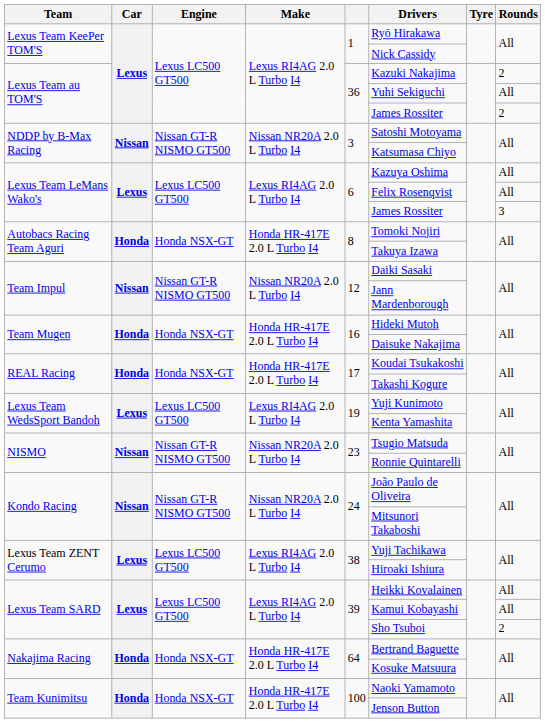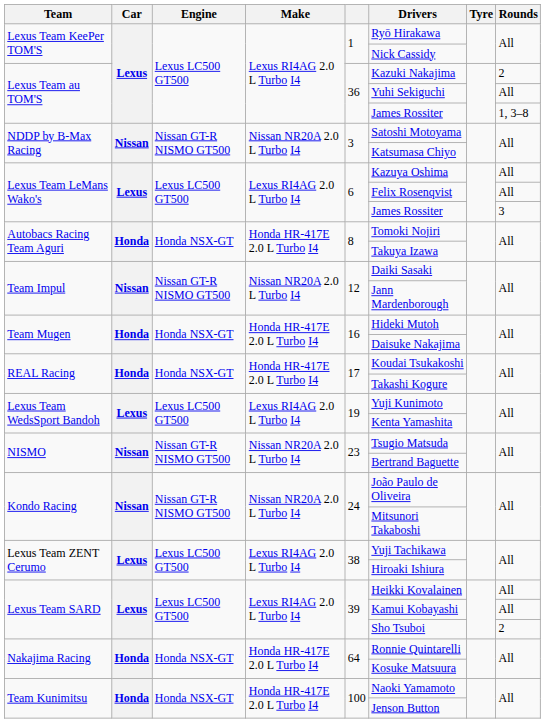 <table class="wikitable" style="font-size: 85%">
 <tr>
 <th>Team</th>
 <th>Car</th>
 <th>Engine</th>
 <th>Make</th>
 <th></th>
 <th>Drivers</th>
 <th>Tyre</th>
 <th>Rounds</th>
 </tr>
 <tr>
 <td rowspan=2> <a href='#'>Lexus Team KeePer TOM'S</a></td>
 <th rowspan=5><a href='#'>Lexus</a></th>
 <td rowspan=5><a href='#'>Lexus LC500 GT500</a></td>
 <td rowspan=5><a href='#'>Lexus RI4AG</a> 2.0 L <a href='#'>Turbo</a> <a href='#'>I4</a></td>
 <td rowspan=2>1</td>
 <td> <a href='#'>Ryō Hirakawa</a></td>
 <td rowspan=2 align=center></td>
 <td rowspan=2>All</td>
 </tr>
 <tr>
 <td> <a href='#'>Nick Cassidy</a></td>
 </tr>
 <tr>
 <td rowspan="3"> <a href='#'>Lexus Team au TOM'S</a></td>
 <td rowspan="3">36</td>
 <td> <a href='#'>Kazuki Nakajima</a></td>
 <td rowspan="3" align="center"></td>
 <td>2</td>
 </tr>
 <tr>
 <td> <a href='#'>Yuhi Sekiguchi</a></td>
 <td>All</td>
 </tr>
 <tr>
 <td> <a href='#'>James Rossiter</a></td>
-<td>2</td>
+<td>1, 3–8</td>
 </tr>
 <tr>
 <td rowspan=2> <a href='#'>NDDP by B-Max Racing</a></td>
 <th rowspan=2><a href='#'>Nissan</a></th>
 <td rowspan=2><a href='#'>Nissan GT-R NISMO GT500</a></td>
 <td rowspan=2><a href='#'>Nissan NR20A</a> 2.0 L <a href='#'>Turbo</a> <a href='#'>I4</a></td>
 <td rowspan=2>3</td>
 <td> <a href='#'>Satoshi Motoyama</a></td>
 <td rowspan=2 align=center></td>
 <td rowspan=2>All</td>
 </tr>
 <tr>
 <td> <a href='#'>Katsumasa Chiyo</a></td>
 </tr>
 <tr>
 <td rowspan="3"> <a href='#'>Lexus Team LeMans Wako's</a></td>
 <th rowspan="3"><a href='#'>Lexus</a></th>
 <td rowspan="3"><a href='#'>Lexus LC500 GT500</a></td>
 <td rowspan="3"><a href='#'>Lexus RI4AG</a> 2.0 L <a href='#'>Turbo</a> <a href='#'>I4</a></td>
 <td rowspan="3">6</td>
 <td> <a href='#'>Kazuya Oshima</a></td>
 <td rowspan="3" align="center"></td>
 <td>All</td>
 </tr>
 <tr>
 <td> <a href='#'>Felix Rosenqvist</a></td>
 <td>All</td>
 </tr>
 <tr>
 <td> <a href='#'>James Rossiter</a></td>
 <td>3</td>
 </tr>
 <tr>
 <td rowspan="2"> <a href='#'>Autobacs Racing Team Aguri</a></td>
 <th rowspan="2"><a href='#'>Honda</a></th>
 <td rowspan="2"><a href='#'>Honda NSX-GT</a></td>
 <td rowspan="2"><a href='#'>Honda HR-417E</a> 2.0 L <a href='#'>Turbo</a> <a href='#'>I4</a></td>
 <td rowspan="2">8</td>
 <td> <a href='#'>Tomoki Nojiri</a></td>
 <td rowspan="2" align="center"></td>
 <td rowspan="2">All</td>
 </tr>
 <tr>
 <td> <a href='#'>Takuya Izawa</a></td>
 </tr>
 <tr>
 <td rowspan=2> <a href='#'>Team Impul</a></td>
 <th rowspan=2><a href='#'>Nissan</a></th>
 <td rowspan=2><a href='#'>Nissan GT-R NISMO GT500</a></td>
 <td rowspan=2><a href='#'>Nissan NR20A</a> 2.0 L <a href='#'>Turbo</a> <a href='#'>I4</a></td>
 <td rowspan=2>12</td>
 <td> <a href='#'>Daiki Sasaki</a></td>
 <td rowspan=2 align=center></td>
 <td rowspan=2>All</td>
 </tr>
 <tr>
 <td> <a href='#'>Jann Mardenborough</a></td>
 </tr>
 <tr>
 <td rowspan=2> <a href='#'>Team Mugen</a></td>
 <th rowspan=2><a href='#'>Honda</a></th>
 <td rowspan=2><a href='#'>Honda NSX-GT</a></td>
 <td rowspan=2><a href='#'>Honda HR-417E</a> 2.0 L <a href='#'>Turbo</a> <a href='#'>I4</a></td>
 <td rowspan=2>16</td>
 <td> <a href='#'>Hideki Mutoh</a></td>
 <td rowspan=2 align=center></td>
 <td rowspan=2>All</td>
 </tr>
 <tr>
 <td> <a href='#'>Daisuke Nakajima</a></td>
 </tr>
 <tr>
 <td rowspan=2> <a href='#'>REAL Racing</a></td>
 <th rowspan=2><a href='#'>Honda</a></th>
 <td rowspan=2><a href='#'>Honda NSX-GT</a></td>
 <td rowspan=2><a href='#'>Honda HR-417E</a> 2.0 L <a href='#'>Turbo</a> <a href='#'>I4</a></td>
 <td rowspan=2>17</td>
 <td> <a href='#'>Koudai Tsukakoshi</a></td>
 <td rowspan=2 align=center></td>
 <td rowspan=2>All</td>
 </tr>
 <tr>
 <td> <a href='#'>Takashi Kogure</a></td>
 </tr>
 <tr>
 <td rowspan=2> <a href='#'>Lexus Team WedsSport Bandoh</a></td>
 <th rowspan=2><a href='#'>Lexus</a></th>
 <td rowspan=2><a href='#'>Lexus LC500 GT500</a></td>
 <td rowspan=2><a href='#'>Lexus RI4AG</a> 2.0 L <a href='#'>Turbo</a> <a href='#'>I4</a></td>
 <td rowspan=2>19</td>
 <td> <a href='#'>Yuji Kunimoto</a></td>
 <td rowspan=2 align=center></td>
 <td rowspan=2>All</td>
 </tr>
 <tr>
 <td> <a href='#'>Kenta Yamashita</a></td>
 </tr>
 <tr>
 <td rowspan=2> <a href='#'>NISMO</a></td>
 <th rowspan=2><a href='#'>Nissan</a></th>
 <td rowspan=2><a href='#'>Nissan GT-R NISMO GT500</a></td>
 <td rowspan=2><a href='#'>Nissan NR20A</a> 2.0 L <a href='#'>Turbo</a> <a href='#'>I4</a></td>
 <td rowspan=2>23</td>
 <td> <a href='#'>Tsugio Matsuda</a></td>
 <td rowspan=2 align=center></td>
 <td rowspan=2>All</td>
 </tr>
 <tr>
-<td> <a href='#'>Ronnie Quintarelli</a></td>
+<td> <a href='#'>Bertrand Baguette</a></td>
 </tr>
 <tr>
 <td rowspan=2> <a href='#'>Kondo Racing</a></td>
 <th rowspan=2><a href='#'>Nissan</a></th>
 <td rowspan=2><a href='#'>Nissan GT-R NISMO GT500</a></td>
 <td rowspan=2><a href='#'>Nissan NR20A</a> 2.0 L <a href='#'>Turbo</a> <a href='#'>I4</a></td>
 <td rowspan=2>24</td>
 <td> <a href='#'>João Paulo de Oliveira</a></td>
 <td rowspan=2 align=center></td>
 <td rowspan=2>All</td>
 </tr>
 <tr>
 <td> <a href='#'>Mitsunori Takaboshi</a></td>
 </tr>
 <tr>
 <td rowspan="2"> Lexus Team ZENT <a href='#'>Cerumo</a></td>
 <th rowspan="2"><a href='#'>Lexus</a></th>
 <td rowspan="2"><a href='#'>Lexus LC500 GT500</a></td>
 <td rowspan="2"><a href='#'>Lexus RI4AG</a> 2.0 L <a href='#'>Turbo</a> <a href='#'>I4</a></td>
 <td rowspan="2">38</td>
 <td> <a href='#'>Yuji Tachikawa</a></td>
 <td rowspan="2" align="center"></td>
 <td rowspan=2>All</td>
 </tr>
 <tr>
 <td> <a href='#'>Hiroaki Ishiura</a></td>
 </tr>
 <tr>
 <td rowspan="3"> <a href='#'>Lexus Team SARD</a></td>
 <th rowspan="3"><a href='#'>Lexus</a></th>
 <td rowspan="3"><a href='#'>Lexus LC500 GT500</a></td>
 <td rowspan="3"><a href='#'>Lexus RI4AG</a> 2.0 L <a href='#'>Turbo</a> <a href='#'>I4</a></td>
 <td rowspan="3">39</td>
 <td> <a href='#'>Heikki Kovalainen</a></td>
 <td rowspan="3" align="center"></td>
 <td>All</td>
 </tr>
 <tr>
 <td> <a href='#'>Kamui Kobayashi</a></td>
 <td>All</td>
 </tr>
 <tr>
 <td> <a href='#'>Sho Tsuboi</a></td>
 <td>2</td>
 </tr>
 <tr>
 <td rowspan="2"> <a href='#'>Nakajima Racing</a></td>
 <th rowspan="2"><a href='#'>Honda</a></th>
 <td rowspan="2"><a href='#'>Honda NSX-GT</a></td>
 <td rowspan="2"><a href='#'>Honda HR-417E</a> 2.0 L <a href='#'>Turbo</a> <a href='#'>I4</a></td>
 <td rowspan="2">64</td>
-<td> <a href='#'>Bertrand Baguette</a></td>
+<td> <a href='#'>Ronnie Quintarelli</a></td>
 <td rowspan="2" align="center"></td>
 <td rowspan=2>All</td>
 </tr>
 <tr>
 <td> <a href='#'>Kosuke Matsuura</a></td>
 </tr>
 <tr>
 <td rowspan=2> <a href='#'>Team Kunimitsu</a></td>
 <th rowspan=2><a href='#'>Honda</a></th>
 <td rowspan=2><a href='#'>Honda NSX-GT</a></td>
 <td rowspan=2><a href='#'>Honda HR-417E</a> 2.0 L <a href='#'>Turbo</a> <a href='#'>I4</a></td>
 <td rowspan=2>100</td>
 <td> <a href='#'>Naoki Yamamoto</a></td>
 <td rowspan=2 align=center></td>
 <td rowspan=2>All</td>
 </tr>
 <tr>
 <td> <a href='#'>Jenson Button</a></td>
 </tr>
 </table>
